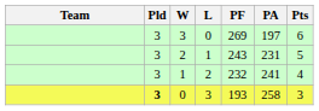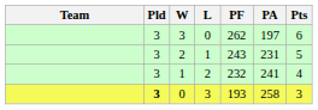 <table class="wikitable" style="text-align:center;">
 <tr>
 <th width=170>Team</th>
 <th width=25>Pld</th>
 <th width=25>W</th>
 <th width=25>L</th>
 <th width=35>PF</th>
 <th width=35>PA</th>
 <th width=25>Pts</th>
 </tr>
 <tr bgcolor=#ccffcc>
 <td align="left"></td>
 <td>3</td>
 <td>3</td>
 <td>0</td>
-<td>269</td>
+<td>262</td>
 <td>197</td>
 <td>6</td>
 </tr>
 <tr bgcolor=#ccffcc>
 <td align="left"></td>
 <td>3</td>
 <td>2</td>
 <td>1</td>
 <td>243</td>
 <td>231</td>
 <td>5</td>
 </tr>
 <tr bgcolor=#ccffcc>
 <td align="left"></td>
 <td>3</td>
 <td>1</td>
 <td>2</td>
 <td>232</td>
 <td>241</td>
 <td>4</td>
 </tr>
 <tr bgcolor=#F4FA58>
 <td align="left"></td>
 <td><strong>3</strong></td>
 <td>0</td>
 <td>3</td>
 <td>193</td>
 <td>258</td>
 <td>3</td>
 </tr>
 </table>
